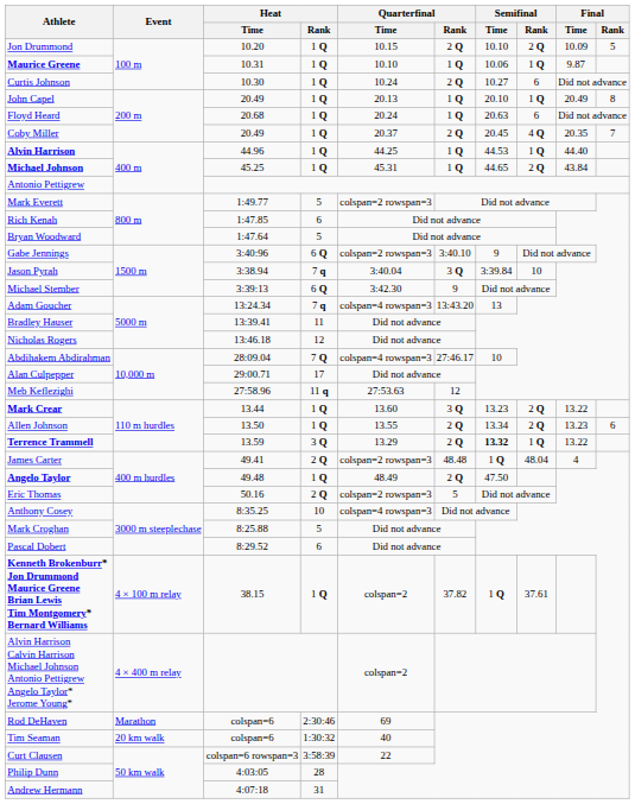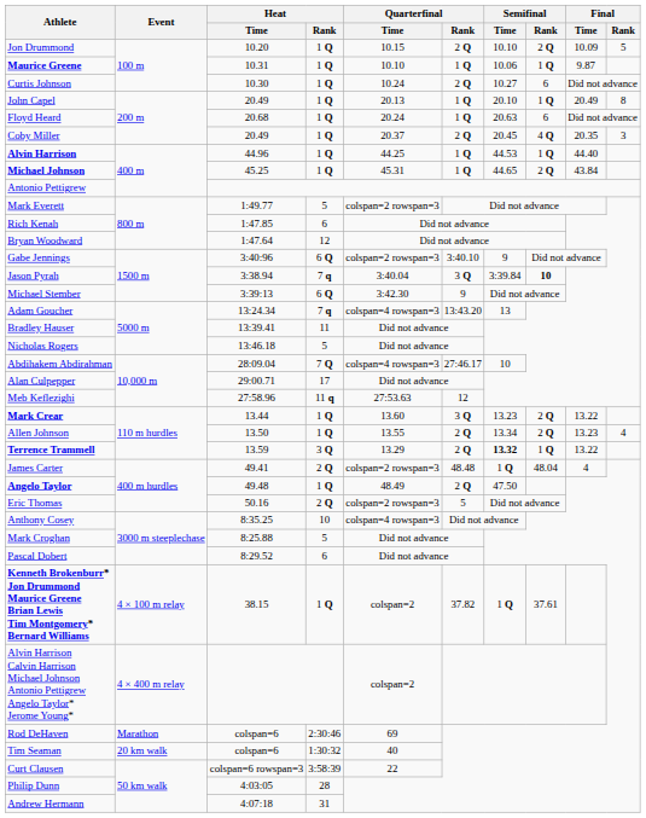 <table class=wikitable style=font-size:90%;text-align:center>
 <tr>
 <th rowspan=2>Athlete</th>
 <th rowspan=2>Event</th>
 <th colspan=2>Heat</th>
 <th colspan=2>Quarterfinal</th>
 <th colspan=2>Semifinal</th>
 <th colspan=2>Final</th>
 </tr>
 <tr style=font-size:95%>
 <th>Time</th>
 <th>Rank</th>
 <th>Time</th>
 <th>Rank</th>
 <th>Time</th>
 <th>Rank</th>
 <th>Time</th>
 <th>Rank</th>
 </tr>
 <tr>
 <td align=left><a href='#'>Jon Drummond</a></td>
 <td align=left rowspan=3><a href='#'>100 m</a></td>
 <td>10.20</td>
 <td>1 <strong>Q</strong></td>
 <td>10.15</td>
 <td>2 <strong>Q</strong></td>
 <td>10.10</td>
 <td>2 <strong>Q</strong></td>
 <td>10.09</td>
 <td>5</td>
 </tr>
 <tr>
 <td align=left><strong><a href='#'>Maurice Greene</a></strong></td>
 <td>10.31</td>
 <td>1 <strong>Q</strong></td>
 <td>10.10</td>
 <td>1 <strong>Q</strong></td>
 <td>10.06</td>
 <td>1 <strong>Q</strong></td>
 <td>9.87</td>
 <td></td>
 </tr>
 <tr>
 <td align=left><a href='#'>Curtis Johnson</a></td>
 <td>10.30</td>
 <td>1 <strong>Q</strong></td>
 <td>10.24</td>
 <td>2 <strong>Q</strong></td>
 <td>10.27</td>
 <td>6</td>
 <td colspan=2>Did not advance</td>
 </tr>
 <tr>
 <td align=left><a href='#'>John Capel</a></td>
 <td align=left rowspan=3><a href='#'>200 m</a></td>
 <td>20.49</td>
 <td>1 <strong>Q</strong></td>
 <td>20.13</td>
 <td>1 <strong>Q</strong></td>
 <td>20.10</td>
 <td>1 <strong>Q</strong></td>
 <td>20.49</td>
 <td>8</td>
 </tr>
 <tr>
 <td align=left><a href='#'>Floyd Heard</a></td>
 <td>20.68</td>
 <td>1 <strong>Q</strong></td>
 <td>20.24</td>
 <td>1 <strong>Q</strong></td>
 <td>20.63</td>
 <td>6</td>
 <td colspan=2>Did not advance</td>
 </tr>
 <tr>
 <td align=left><a href='#'>Coby Miller</a></td>
 <td>20.49</td>
 <td>1 <strong>Q</strong></td>
 <td>20.37</td>
 <td>2 <strong>Q</strong></td>
 <td>20.45</td>
 <td>4 <strong>Q</strong></td>
 <td>20.35</td>
-<td>7</td>
+<td>3</td>
 </tr>
 <tr>
 <td align=left><strong><a href='#'>Alvin Harrison</a></strong></td>
 <td align=left rowspan=3><a href='#'>400 m</a></td>
 <td>44.96</td>
 <td>1 <strong>Q</strong></td>
 <td>44.25</td>
 <td>1 <strong>Q</strong></td>
 <td>44.53</td>
 <td>1 <strong>Q</strong></td>
 <td>44.40</td>
 <td></td>
 </tr>
 <tr>
 <td align=left><strong><a href='#'>Michael Johnson</a></strong></td>
 <td>45.25</td>
 <td>1 <strong>Q</strong></td>
 <td>45.31</td>
 <td>1 <strong>Q</strong></td>
 <td>44.65</td>
 <td>2 <strong>Q</strong></td>
 <td>43.84</td>
 <td></td>
 </tr>
 <tr>
 <td align=left><a href='#'>Antonio Pettigrew</a></td>
 <td colspan=8></td>
 </tr>
 <tr>
 <td align=left><a href='#'>Mark Everett</a></td>
 <td align=left rowspan=3><a href='#'>800 m</a></td>
 <td>1:49.77</td>
 <td>5</td>
 <td>colspan=2 rowspan=3 </td>
 <td colspan=4>Did not advance</td>
 </tr>
 <tr>
 <td align=left><a href='#'>Rich Kenah</a></td>
 <td>1:47.85</td>
 <td>6</td>
 <td colspan=4>Did not advance</td>
 </tr>
 <tr>
 <td align=left><a href='#'>Bryan Woodward</a></td>
 <td>1:47.64</td>
-<td>5</td>
+<td>12</td>
 <td colspan=4>Did not advance</td>
 </tr>
 <tr>
 <td align=left><a href='#'>Gabe Jennings</a></td>
 <td align=left rowspan=3><a href='#'>1500 m</a></td>
 <td>3:40:96</td>
 <td>6 <strong>Q</strong></td>
 <td>colspan=2 rowspan=3 </td>
 <td>3:40.10</td>
 <td>9</td>
 <td colspan=2>Did not advance</td>
 </tr>
 <tr>
 <td align=left><a href='#'>Jason Pyrah</a></td>
 <td>3:38.94</td>
 <td>7 <strong>q</strong></td>
 <td>3:40.04</td>
 <td>3 <strong>Q</strong></td>
 <td>3:39.84</td>
-<td>10</td>
+<td><strong>10</strong></td>
 </tr>
 <tr>
 <td align=left><a href='#'>Michael Stember</a></td>
 <td>3:39:13</td>
 <td>6 <strong>Q</strong></td>
 <td>3:42.30</td>
 <td>9</td>
 <td colspan=2>Did not advance</td>
 </tr>
 <tr>
 <td align=left><a href='#'>Adam Goucher</a></td>
 <td align=left rowspan=3><a href='#'>5000 m</a></td>
 <td>13:24.34</td>
 <td>7 <strong>q</strong></td>
 <td>colspan=4 rowspan=3 </td>
 <td>13:43.20</td>
 <td>13</td>
 </tr>
 <tr>
 <td align=left><a href='#'>Bradley Hauser</a></td>
 <td>13:39.41</td>
 <td>11</td>
 <td colspan=2>Did not advance</td>
 </tr>
 <tr>
 <td align=left><a href='#'>Nicholas Rogers</a></td>
 <td>13:46.18</td>
-<td>12</td>
+<td>5</td>
 <td colspan=2>Did not advance</td>
 </tr>
 <tr>
 <td align=left><a href='#'>Abdihakem Abdirahman</a></td>
 <td align=left rowspan=3><a href='#'>10,000 m</a></td>
 <td>28:09.04</td>
 <td>7 <strong>Q</strong></td>
 <td>colspan=4 rowspan=3 </td>
 <td>27:46.17</td>
 <td>10</td>
 </tr>
 <tr>
 <td align=left><a href='#'>Alan Culpepper</a></td>
 <td>29:00.71</td>
 <td>17</td>
 <td colspan=2>Did not advance</td>
 </tr>
 <tr>
 <td align=left><a href='#'>Meb Keflezighi</a></td>
 <td>27:58.96</td>
 <td>11 <strong>q</strong></td>
 <td>27:53.63</td>
 <td>12</td>
 </tr>
 <tr>
 <td align=left><strong><a href='#'>Mark Crear</a></strong></td>
 <td align=left rowspan=3><a href='#'>110 m hurdles</a></td>
 <td>13.44</td>
 <td>1 <strong>Q</strong></td>
 <td>13.60</td>
 <td>3 <strong>Q</strong></td>
 <td>13.23</td>
 <td>2 <strong>Q</strong></td>
 <td>13.22</td>
 <td></td>
 </tr>
 <tr>
 <td align=left><a href='#'>Allen Johnson</a></td>
 <td>13.50</td>
 <td>1 <strong>Q</strong></td>
 <td>13.55</td>
 <td>2 <strong>Q</strong></td>
 <td>13.34</td>
 <td>2 <strong>Q</strong></td>
 <td>13.23</td>
-<td>6</td>
+<td>4</td>
 </tr>
 <tr>
 <td align=left><strong><a href='#'>Terrence Trammell</a></strong></td>
 <td>13.59</td>
 <td>3 <strong>Q</strong></td>
 <td>13.29</td>
 <td>2 <strong>Q</strong></td>
 <td><strong>13.32</strong></td>
 <td>1 <strong>Q</strong></td>
 <td>13.22</td>
 <td></td>
 </tr>
 <tr>
 <td align=left><a href='#'>James Carter</a></td>
 <td align=left rowspan=3><a href='#'>400 m hurdles</a></td>
 <td>49.41</td>
 <td>2 <strong>Q</strong></td>
 <td>colspan=2 rowspan=3 </td>
 <td>48.48</td>
 <td>1 <strong>Q</strong></td>
 <td>48.04</td>
 <td>4</td>
 </tr>
 <tr>
 <td align=left><strong><a href='#'>Angelo Taylor</a></strong></td>
 <td>49.48</td>
 <td>1 <strong>Q</strong></td>
 <td>48.49</td>
 <td>2 <strong>Q</strong></td>
 <td>47.50</td>
 <td></td>
 </tr>
 <tr>
 <td align=left><a href='#'>Eric Thomas</a></td>
 <td>50.16</td>
 <td>2 <strong>Q</strong></td>
 <td>colspan=2 rowspan=3 </td>
 <td>5</td>
 <td colspan=2>Did not advance</td>
 </tr>
 <tr>
 <td align=left><a href='#'>Anthony Cosey</a></td>
 <td align=left rowspan=3><a href='#'>3000 m steeplechase</a></td>
 <td>8:35.25</td>
 <td>10</td>
 <td>colspan=4 rowspan=3 </td>
 <td colspan=2>Did not advance</td>
 </tr>
 <tr>
 <td align=left><a href='#'>Mark Croghan</a></td>
 <td>8:25.88</td>
 <td>5</td>
 <td colspan=2>Did not advance</td>
 </tr>
 <tr>
 <td align=left><a href='#'>Pascal Dobert</a></td>
 <td>8:29.52</td>
 <td>6</td>
 <td colspan=2>Did not advance</td>
 </tr>
 <tr>
 <td align=left><strong><a href='#'>Kenneth Brokenburr</a>*<br><a href='#'>Jon Drummond</a><br><a href='#'>Maurice Greene</a><br><a href='#'>Brian Lewis</a><br><a href='#'>Tim Montgomery</a>*<br><a href='#'>Bernard Williams</a></strong></td>
 <td align=left><a href='#'>4 × 100 m relay</a></td>
 <td>38.15</td>
 <td>1 <strong>Q</strong></td>
 <td>colspan=2 </td>
 <td>37.82</td>
 <td>1 <strong>Q</strong></td>
 <td>37.61</td>
 <td></td>
 </tr>
 <tr>
 <td align=left><a href='#'>Alvin Harrison</a><br><a href='#'>Calvin Harrison</a><br><a href='#'>Michael Johnson</a><br><a href='#'>Antonio Pettigrew</a><br><a href='#'>Angelo Taylor</a>*<br><a href='#'>Jerome Young</a>*</td>
 <td align=left><a href='#'>4 × 400 m relay</a></td>
 <td colspan=2></td>
 <td>colspan=2 </td>
 <td colspan=4></td>
 </tr>
 <tr>
 <td align=left><a href='#'>Rod DeHaven</a></td>
 <td align=left><a href='#'>Marathon</a></td>
 <td>colspan=6 </td>
 <td>2:30:46</td>
 <td>69</td>
 </tr>
 <tr>
 <td align=left><a href='#'>Tim Seaman</a></td>
 <td align=left><a href='#'>20 km walk</a></td>
 <td>colspan=6 </td>
 <td>1:30:32</td>
 <td>40</td>
 </tr>
 <tr>
 <td align=left><a href='#'>Curt Clausen</a></td>
 <td align=left rowspan=3><a href='#'>50 km walk</a></td>
 <td>colspan=6 rowspan=3 </td>
 <td>3:58:39</td>
 <td>22</td>
 </tr>
 <tr>
 <td align=left><a href='#'>Philip Dunn</a></td>
 <td>4:03:05</td>
 <td>28</td>
 </tr>
 <tr>
 <td align=left><a href='#'>Andrew Hermann</a></td>
 <td>4:07:18</td>
 <td>31</td>
 </tr>
 </table>
